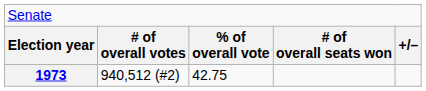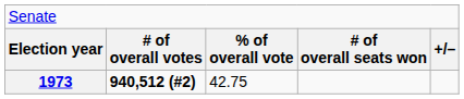 <table class=wikitable>
 <tr>
 <td colspan=6><a href='#'>Senate</a></td>
 </tr>
 <tr>
 <th>Election year</th>
 <th># of<br>overall votes</th>
 <th>% of<br>overall vote</th>
 <th># of<br>overall seats won</th>
 <th>+/–</th>
 </tr>
 <tr>
 <th><a href='#'>1973</a></th>
-<td>940,512 (#2)</td>
+<td><strong>940,512 (#2)</strong></td>
 <td>42.75</td>
 <td></td>
 <td></td>
 </tr>
 </table>
